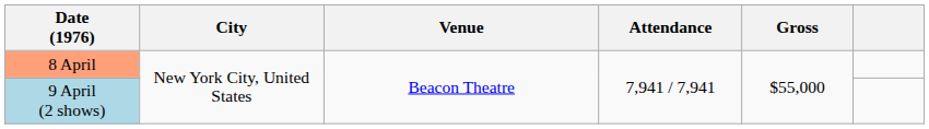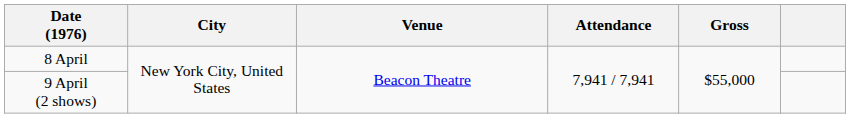 <table class="wikitable" style="text-align:center;">
 <tr>
 <th scope="col" style="width:9em;">Date<br>(1976)</th>
 <th scope="col" style="width:13em;">City</th>
 <th scope="col" style="width:20em;">Venue</th>
 <th scope="col" style="width:9em;">Attendance</th>
 <th scope="col" style="width:7em;">Gross</th>
 <th scope="col" style="width:5em;" class="unsortable"></th>
 </tr>
 <tr>
-<td style="background: lightsalmon;">8 April</td>
+<td>8 April</td>
 <td rowspan="2">New York City, United States</td>
 <td rowspan="2"><a href='#'>Beacon Theatre</a></td>
 <td rowspan="2">7,941 / 7,941</td>
 <td rowspan="2">$55,000</td>
 <td></td>
 </tr>
 <tr>
-<td style="background: lightblue;">9 April<br>(2 shows)</td>
+<td>9 April<br>(2 shows)</td>
 <td></td>
 </tr>
 </table>
